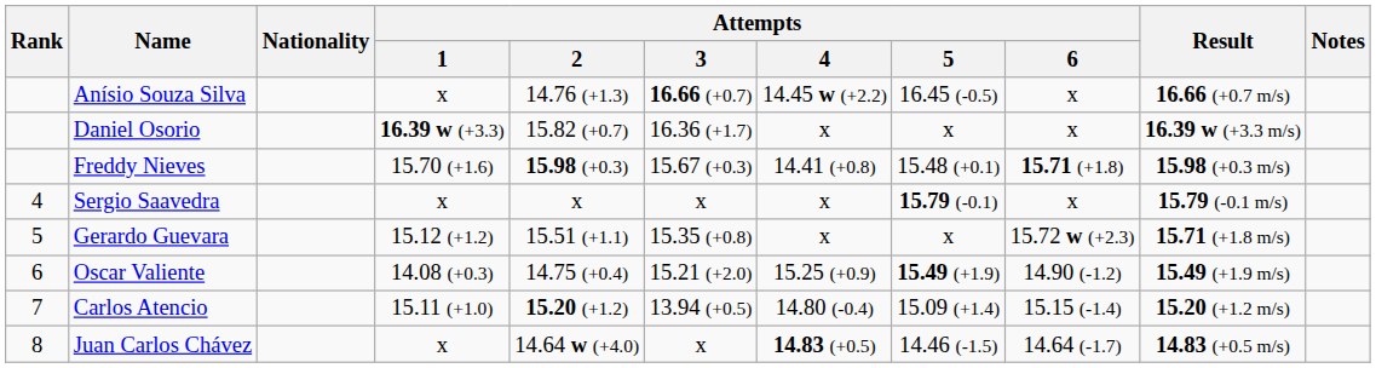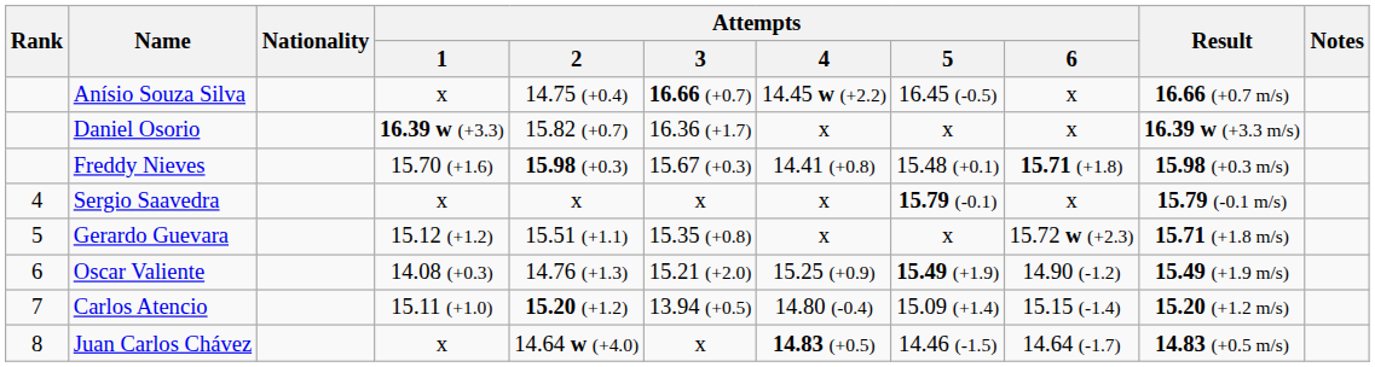 <table class="wikitable sortable" style="text-align:center">
 <tr>
 <th rowspan=2>Rank</th>
 <th rowspan=2>Name</th>
 <th rowspan=2>Nationality</th>
 <th colspan=6>Attempts</th>
 <th rowspan=2>Result</th>
 <th rowspan=2>Notes</th>
 </tr>
 <tr>
 <th>1</th>
 <th>2</th>
 <th>3</th>
 <th>4</th>
 <th>5</th>
 <th>6</th>
 </tr>
 <tr>
 <td align=center></td>
 <td align=left><a href='#'>Anísio Souza Silva</a></td>
 <td align=left></td>
 <td>x</td>
-<td>14.76 <small>(+1.3)</small></td>
+<td>14.75 <small>(+0.4)</small></td>
 <td><strong>16.66</strong> <small>(+0.7)</small></td>
 <td>14.45 <strong>w</strong> <small>(+2.2)</small></td>
 <td>16.45 <small>(-0.5)</small></td>
 <td>x</td>
 <td><strong>16.66</strong> <small>(+0.7 m/s)</small></td>
 <td></td>
 </tr>
 <tr>
 <td align=center></td>
 <td align=left><a href='#'>Daniel Osorio</a></td>
 <td align=left></td>
 <td><strong>16.39</strong> <strong>w</strong> <small>(+3.3)</small></td>
 <td>15.82 <small>(+0.7)</small></td>
 <td>16.36 <small>(+1.7)</small></td>
 <td>x</td>
 <td>x</td>
 <td>x</td>
 <td><strong>16.39</strong> <strong>w</strong> <small>(+3.3 m/s)</small></td>
 <td></td>
 </tr>
 <tr>
 <td align=center></td>
 <td align=left><a href='#'>Freddy Nieves</a></td>
 <td align=left></td>
 <td>15.70 <small>(+1.6)</small></td>
 <td><strong>15.98</strong> <small>(+0.3)</small></td>
 <td>15.67 <small>(+0.3)</small></td>
 <td>14.41 <small>(+0.8)</small></td>
 <td>15.48 <small>(+0.1)</small></td>
 <td><strong>15.71</strong> <small>(+1.8)</small></td>
 <td><strong>15.98</strong> <small>(+0.3 m/s)</small></td>
 <td></td>
 </tr>
 <tr>
 <td align=center>4</td>
 <td align=left><a href='#'>Sergio Saavedra</a></td>
 <td align=left></td>
 <td>x</td>
 <td>x</td>
 <td>x</td>
 <td>x</td>
 <td><strong>15.79</strong> <small>(-0.1)</small></td>
 <td>x</td>
 <td><strong>15.79</strong> <small>(-0.1 m/s)</small></td>
 <td></td>
 </tr>
 <tr>
 <td align=center>5</td>
 <td align=left><a href='#'>Gerardo Guevara</a></td>
 <td align=left></td>
 <td>15.12 <small>(+1.2)</small></td>
 <td>15.51 <small>(+1.1)</small></td>
 <td>15.35 <small>(+0.8)</small></td>
 <td>x</td>
 <td>x</td>
 <td>15.72 <strong>w</strong> <small>(+2.3)</small></td>
 <td><strong>15.71</strong> <small>(+1.8 m/s)</small></td>
 <td></td>
 </tr>
 <tr>
 <td align=center>6</td>
 <td align=left><a href='#'>Oscar Valiente</a></td>
 <td align=left></td>
 <td>14.08 <small>(+0.3)</small></td>
-<td>14.75 <small>(+0.4)</small></td>
+<td>14.76 <small>(+1.3)</small></td>
 <td>15.21 <small>(+2.0)</small></td>
 <td>15.25 <small>(+0.9)</small></td>
 <td><strong>15.49</strong> <small>(+1.9)</small></td>
 <td>14.90 <small>(-1.2)</small></td>
 <td><strong>15.49</strong> <small>(+1.9 m/s)</small></td>
 <td></td>
 </tr>
 <tr>
 <td align=center>7</td>
 <td align=left><a href='#'>Carlos Atencio</a></td>
 <td align=left></td>
 <td>15.11 <small>(+1.0)</small></td>
 <td><strong>15.20</strong> <small>(+1.2)</small></td>
 <td>13.94 <small>(+0.5)</small></td>
 <td>14.80 <small>(-0.4)</small></td>
 <td>15.09 <small>(+1.4)</small></td>
 <td>15.15 <small>(-1.4)</small></td>
 <td><strong>15.20</strong> <small>(+1.2 m/s)</small></td>
 <td></td>
 </tr>
 <tr>
 <td align=center>8</td>
 <td align=left><a href='#'>Juan Carlos Chávez</a></td>
 <td align=left></td>
 <td>x</td>
 <td>14.64 <strong>w</strong> <small>(+4.0)</small></td>
 <td>x</td>
 <td><strong>14.83</strong> <small>(+0.5)</small></td>
 <td>14.46 <small>(-1.5)</small></td>
 <td>14.64 <small>(-1.7)</small></td>
 <td><strong>14.83</strong> <small>(+0.5 m/s)</small></td>
 <td></td>
 </tr>
 </table>
